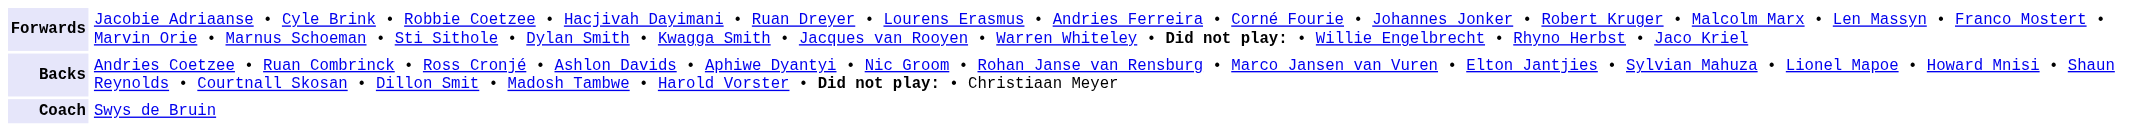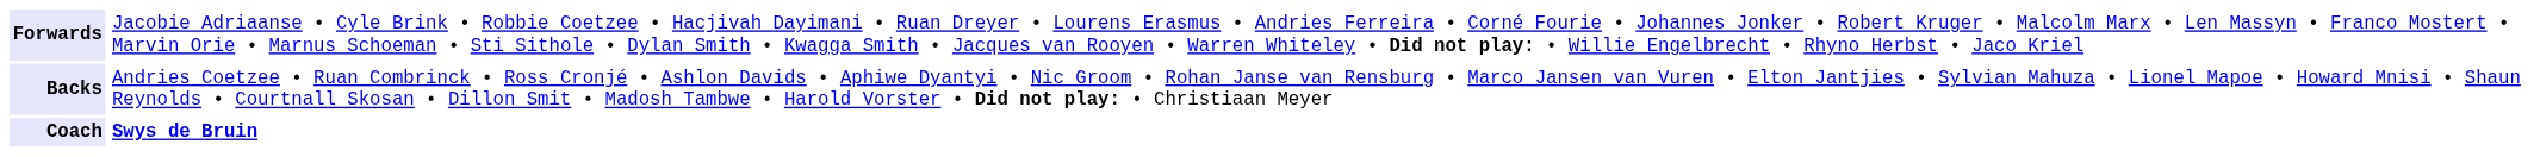 <table cellpadding="2" style="border: 1px solid white; font-size:90%;">
 <tr>
 <td style="text-align:right; background:lavender;"><strong>Forwards</strong></td>
 <td style="text-align:left;"><a href='#'>Jacobie Adriaanse</a> • <a href='#'>Cyle Brink</a> • <a href='#'>Robbie Coetzee</a> • <a href='#'>Hacjivah Dayimani</a> • <a href='#'>Ruan Dreyer</a> • <a href='#'>Lourens Erasmus</a> • <a href='#'>Andries Ferreira</a> • <a href='#'>Corné Fourie</a> • <a href='#'>Johannes Jonker</a> • <a href='#'>Robert Kruger</a> • <a href='#'>Malcolm Marx</a> • <a href='#'>Len Massyn</a> • <a href='#'>Franco Mostert</a> • <a href='#'>Marvin Orie</a> • <a href='#'>Marnus Schoeman</a> • <a href='#'>Sti Sithole</a> • <a href='#'>Dylan Smith</a> • <a href='#'>Kwagga Smith</a> • <a href='#'>Jacques van Rooyen</a> • <a href='#'>Warren Whiteley</a> • <strong>Did not play:</strong> • <a href='#'>Willie Engelbrecht</a> • <a href='#'>Rhyno Herbst</a> • <a href='#'>Jaco Kriel</a></td>
 </tr>
 <tr>
 <td style="text-align:right; background:lavender;"><strong>Backs</strong></td>
 <td style="text-align:left;"><a href='#'>Andries Coetzee</a> • <a href='#'>Ruan Combrinck</a> • <a href='#'>Ross Cronjé</a> • <a href='#'>Ashlon Davids</a> • <a href='#'>Aphiwe Dyantyi</a> • <a href='#'>Nic Groom</a> • <a href='#'>Rohan Janse van Rensburg</a> • <a href='#'>Marco Jansen van Vuren</a> • <a href='#'>Elton Jantjies</a> • <a href='#'>Sylvian Mahuza</a> • <a href='#'>Lionel Mapoe</a> • <a href='#'>Howard Mnisi</a> • <a href='#'>Shaun Reynolds</a> • <a href='#'>Courtnall Skosan</a> • <a href='#'>Dillon Smit</a> • <a href='#'>Madosh Tambwe</a> • <a href='#'>Harold Vorster</a> • <strong>Did not play:</strong> • Christiaan Meyer</td>
 </tr>
 <tr>
 <td style="text-align:right; background:lavender;"><strong>Coach</strong></td>
-<td style="text-align:left;"><a href='#'>Swys de Bruin</a></td>
+<td style="text-align:left;"><strong><a href='#'>Swys de Bruin</a></strong></td>
 </tr>
 </table>
